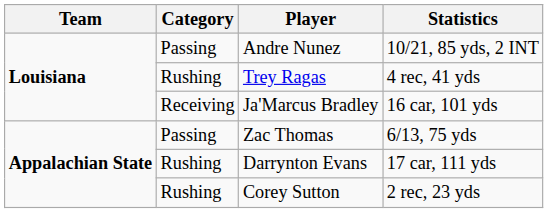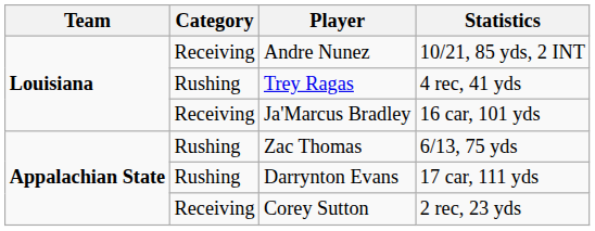 <table class="wikitable">
 <tr>
 <th>Team</th>
 <th>Category</th>
 <th>Player</th>
 <th>Statistics</th>
 </tr>
 <tr |>
 <td rowspan=3><strong>Louisiana</strong></td>
-<td>Passing</td>
+<td>Receiving</td>
 <td>Andre Nunez</td>
 <td>10/21, 85 yds, 2 INT</td>
 </tr>
 <tr>
 <td>Rushing</td>
 <td><a href='#'>Trey Ragas</a></td>
 <td>4 rec, 41 yds</td>
 </tr>
 <tr>
 <td>Receiving</td>
 <td>Ja'Marcus Bradley</td>
 <td>16 car, 101 yds</td>
 </tr>
 <tr>
 <td rowspan=3><strong>Appalachian State</strong></td>
-<td>Passing</td>
+<td>Rushing</td>
 <td>Zac Thomas</td>
 <td>6/13, 75 yds</td>
 </tr>
 <tr>
 <td>Rushing</td>
 <td>Darrynton Evans</td>
 <td>17 car, 111 yds</td>
 </tr>
 <tr>
-<td>Rushing</td>
+<td>Receiving</td>
 <td>Corey Sutton</td>
 <td>2 rec, 23 yds</td>
 </tr>
 </table>
